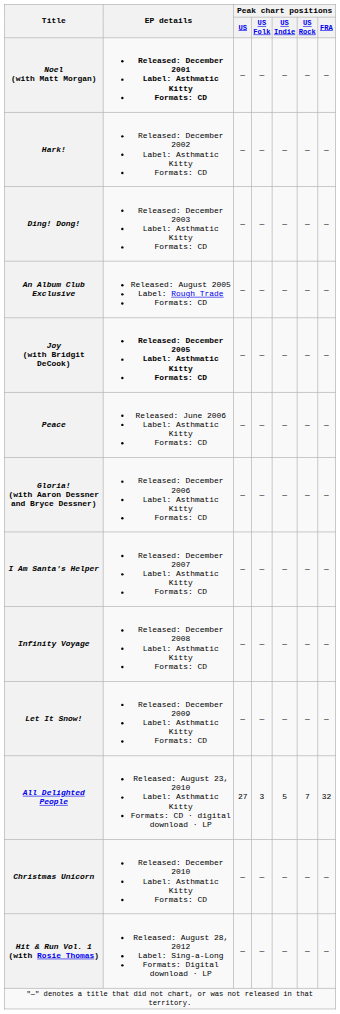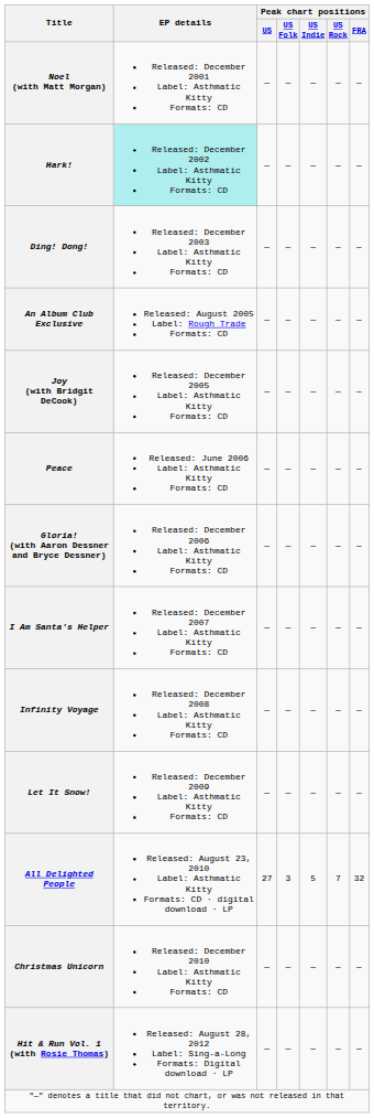 <table class="wikitable plainrowheaders" style="text-align:center;">
 <tr>
 <th scope="col" rowspan="2" style="width:12em;">Title</th>
 <th scope="col" rowspan="2" style="width:16em;">EP details</th>
 <th scope="col" colspan="5">Peak chart positions</th>
 </tr>
 <tr>
 <th scope="col" style="width:2em;font-size:90%;"><a href='#'>US</a><br></th>
 <th scope="col" style="width:2em;font-size:90%;"><a href='#'>US<br>Folk</a><br></th>
 <th scope="col" style="width:2em;font-size:90%;"><a href='#'>US<br>Indie</a><br></th>
 <th scope="col" style="width:2em;font-size:90%;"><a href='#'>US<br>Rock</a><br></th>
 <th scope="col" style="width:2em;font-size:90%;"><a href='#'>FRA</a><br></th>
 </tr>
 <tr>
 <th scope="row"><em>Noel</em><br>(with Matt Morgan)</th>
-<td><strong><br><ul><li>Released: December 2001</li><li>Label: Asthmatic Kitty</li><li>Formats: CD</li></ul></strong></td>
+<td><br><ul><li>Released: December 2001</li><li>Label: Asthmatic Kitty</li><li>Formats: CD</li></ul></td>
 <td>—</td>
 <td>—</td>
 <td>—</td>
 <td>—</td>
 <td>—</td>
 </tr>
 <tr>
 <th scope="row"><em>Hark!</em></th>
-<td><br><ul><li>Released: December 2002</li><li>Label: Asthmatic Kitty</li><li>Formats: CD</li></ul></td>
+<td style="background: paleturquoise;"><br><ul><li>Released: December 2002</li><li>Label: Asthmatic Kitty</li><li>Formats: CD</li></ul></td>
 <td>—</td>
 <td>—</td>
 <td>—</td>
 <td>—</td>
 <td>—</td>
 </tr>
 <tr>
 <th scope="row"><em>Ding! Dong!</em></th>
 <td><br><ul><li>Released: December 2003</li><li>Label: Asthmatic Kitty</li><li>Formats: CD</li></ul></td>
 <td>—</td>
 <td>—</td>
 <td>—</td>
 <td>—</td>
 <td>—</td>
 </tr>
 <tr>
 <th scope="row"><em>An Album Club Exclusive</em></th>
 <td><br><ul><li>Released: August 2005</li><li>Label: <a href='#'>Rough Trade</a></li><li>Formats: CD</li></ul></td>
 <td>—</td>
 <td>—</td>
 <td>—</td>
 <td>—</td>
 <td>—</td>
 </tr>
 <tr>
 <th scope="row"><em>Joy</em><br>(with Bridgit DeCook)</th>
-<td><strong><br><ul><li>Released: December 2005</li><li>Label: Asthmatic Kitty</li><li>Formats: CD</li></ul></strong></td>
+<td><br><ul><li>Released: December 2005</li><li>Label: Asthmatic Kitty</li><li>Formats: CD</li></ul></td>
 <td>—</td>
 <td>—</td>
 <td>—</td>
 <td>—</td>
 <td>—</td>
 </tr>
 <tr>
 <th scope="row"><em>Peace</em></th>
 <td><br><ul><li>Released: June 2006</li><li>Label: Asthmatic Kitty</li><li>Formats: CD</li></ul></td>
 <td>—</td>
 <td>—</td>
 <td>—</td>
 <td>—</td>
 <td>—</td>
 </tr>
 <tr>
 <th scope="row"><em>Gloria!</em><br>(with Aaron Dessner and Bryce Dessner)</th>
 <td><br><ul><li>Released: December 2006</li><li>Label: Asthmatic Kitty</li><li>Formats: CD</li></ul></td>
 <td>—</td>
 <td>—</td>
 <td>—</td>
 <td>—</td>
 <td>—</td>
 </tr>
 <tr>
 <th scope="row"><em>I Am Santa's Helper</em></th>
 <td><br><ul><li>Released: December 2007</li><li>Label: Asthmatic Kitty</li><li>Formats: CD</li></ul></td>
 <td>—</td>
 <td>—</td>
 <td>—</td>
 <td>—</td>
 <td>—</td>
 </tr>
 <tr>
 <th scope="row"><em>Infinity Voyage</em></th>
 <td><br><ul><li>Released: December 2008</li><li>Label: Asthmatic Kitty</li><li>Formats: CD</li></ul></td>
 <td>—</td>
 <td>—</td>
 <td>—</td>
 <td>—</td>
 <td>—</td>
 </tr>
 <tr>
 <th scope="row"><em>Let It Snow!</em></th>
 <td><br><ul><li>Released: December 2009</li><li>Label: Asthmatic Kitty</li><li>Formats: CD</li></ul></td>
 <td>—</td>
 <td>—</td>
 <td>—</td>
 <td>—</td>
 <td>—</td>
 </tr>
 <tr>
 <th scope="row"><em><a href='#'>All Delighted People</a></em></th>
 <td><br><ul><li>Released: August 23, 2010</li><li>Label: Asthmatic Kitty</li><li>Formats: CD · digital download · LP</li></ul></td>
 <td>27</td>
 <td>3</td>
 <td>5</td>
 <td>7</td>
 <td>32</td>
 </tr>
 <tr>
 <th scope="row"><em>Christmas Unicorn</em></th>
 <td><br><ul><li>Released: December 2010</li><li>Label: Asthmatic Kitty</li><li>Formats: CD</li></ul></td>
 <td>—</td>
 <td>—</td>
 <td>—</td>
 <td>—</td>
 <td>—</td>
 </tr>
 <tr>
 <th scope="row"><em>Hit & Run Vol. 1</em><br>(with <a href='#'>Rosie Thomas</a>)</th>
 <td><br><ul><li>Released: August 28, 2012</li><li>Label: Sing-a-Long</li><li>Formats: Digital download · LP</li></ul></td>
 <td>—</td>
 <td>—</td>
 <td>—</td>
 <td>—</td>
 <td>—</td>
 </tr>
 <tr>
 <td colspan="7" style="font-size:90%">"—" denotes a title that did not chart, or was not released in that territory.</td>
 </tr>
 </table>
